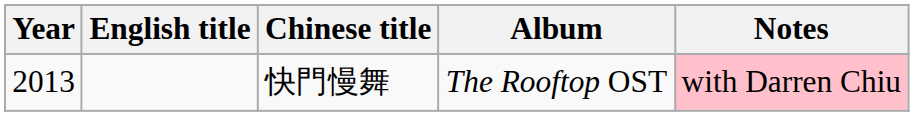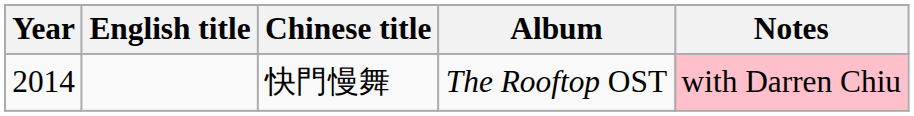 <table class="wikitable sortable">
 <tr>
 <th>Year</th>
 <th>English title</th>
 <th>Chinese title</th>
 <th>Album</th>
 <th>Notes</th>
 </tr>
 <tr>
-<td>2013</td>
+<td>2014</td>
 <td></td>
 <td>快門慢舞</td>
 <td><em>The Rooftop</em> OST</td>
 <td style="background: pink;">with Darren Chiu</td>
 </tr>
 </table>
